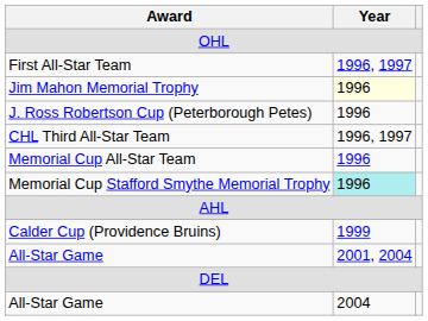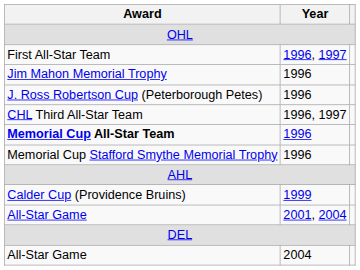 <table class="wikitable">
 <tr>
 <th>Award</th>
 <th>Year</th>
 <th></th>
 </tr>
 <tr ALIGN="center" bgcolor="#e0e0e0">
 <td colspan="3"><a href='#'>OHL</a></td>
 </tr>
 <tr>
 <td>First All-Star Team</td>
 <td><a href='#'>1996</a>, <a href='#'>1997</a></td>
 <td></td>
 </tr>
 <tr>
 <td><a href='#'>Jim Mahon Memorial Trophy</a></td>
-<td style="background: lightyellow;">1996</td>
+<td>1996</td>
 <td></td>
 </tr>
 <tr>
 <td><a href='#'>J. Ross Robertson Cup</a> (Peterborough Petes)</td>
 <td>1996</td>
 <td></td>
 </tr>
 <tr>
 <td><a href='#'>CHL</a> Third All-Star Team</td>
 <td>1996, 1997</td>
 <td></td>
 </tr>
 <tr>
-<td><a href='#'>Memorial Cup</a> All-Star Team</td>
+<td><strong><a href='#'>Memorial Cup</a> All-Star Team</strong></td>
 <td><a href='#'>1996</a></td>
 <td></td>
 </tr>
 <tr>
 <td>Memorial Cup <a href='#'>Stafford Smythe Memorial Trophy</a></td>
-<td style="background: paleturquoise;">1996</td>
+<td>1996</td>
 <td></td>
 </tr>
 <tr ALIGN="center" bgcolor="#e0e0e0">
 <td colspan="3"><a href='#'>AHL</a></td>
 </tr>
 <tr>
 <td><a href='#'>Calder Cup</a> (Providence Bruins)</td>
 <td><a href='#'>1999</a></td>
 <td></td>
 </tr>
 <tr>
 <td><a href='#'>All-Star Game</a></td>
 <td><a href='#'>2001</a>, <a href='#'>2004</a></td>
 <td></td>
 </tr>
 <tr ALIGN="center" bgcolor="#e0e0e0">
 <td colspan="3"><a href='#'>DEL</a></td>
 </tr>
 <tr>
 <td>All-Star Game</td>
 <td>2004</td>
 <td></td>
 </tr>
 </table>
